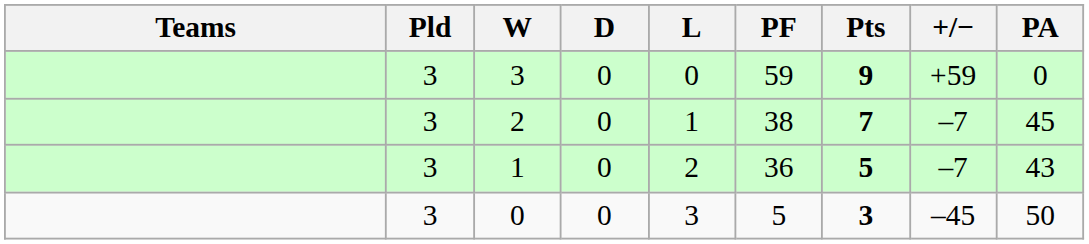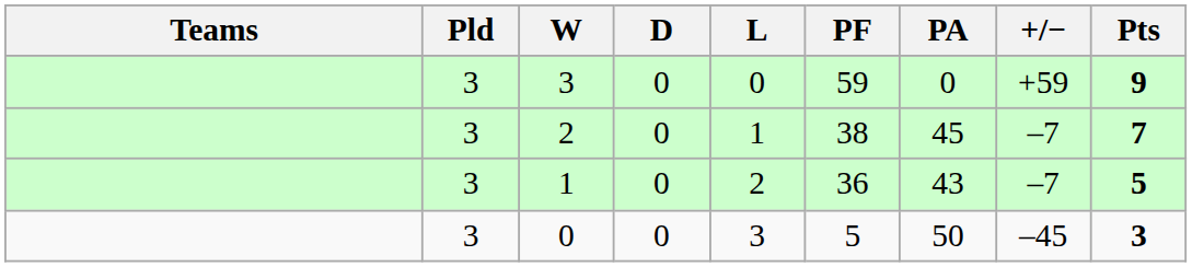 <table class="wikitable" style="text-align: center;">
 <tr>
 <th width="200">Teams</th>
 <th width="40">Pld</th>
 <th width="40">W</th>
 <th width="40">D</th>
 <th width="40">L</th>
 <th width="40">PF</th>
+<th width="40">PA</th>
+<th width="40">+/−</th>
 <th width="40">Pts</th>
-<th width="40">+/−</th>
-<th width="40">PA</th>
 </tr>
 <tr bgcolor=#ccffcc>
 <td align=left></td>
 <td>3</td>
 <td>3</td>
 <td>0</td>
 <td>0</td>
 <td>59</td>
+<td>0</td>
+<td>+59</td>
 <td><strong>9</strong></td>
-<td>+59</td>
-<td>0</td>
 </tr>
 <tr bgcolor=#ccffcc>
 <td align=left></td>
 <td>3</td>
 <td>2</td>
 <td>0</td>
 <td>1</td>
 <td>38</td>
+<td>45</td>
+<td>–7</td>
 <td><strong>7</strong></td>
-<td>–7</td>
-<td>45</td>
 </tr>
 <tr bgcolor=#ccffcc>
 <td align=left></td>
 <td>3</td>
 <td>1</td>
 <td>0</td>
 <td>2</td>
 <td>36</td>
+<td>43</td>
+<td>–7</td>
 <td><strong>5</strong></td>
-<td>–7</td>
-<td>43</td>
 </tr>
 <tr>
 <td align=left></td>
 <td>3</td>
 <td>0</td>
 <td>0</td>
 <td>3</td>
 <td>5</td>
+<td>50</td>
+<td>–45</td>
 <td><strong>3</strong></td>
-<td>–45</td>
-<td>50</td>
 </tr>
 </table>
